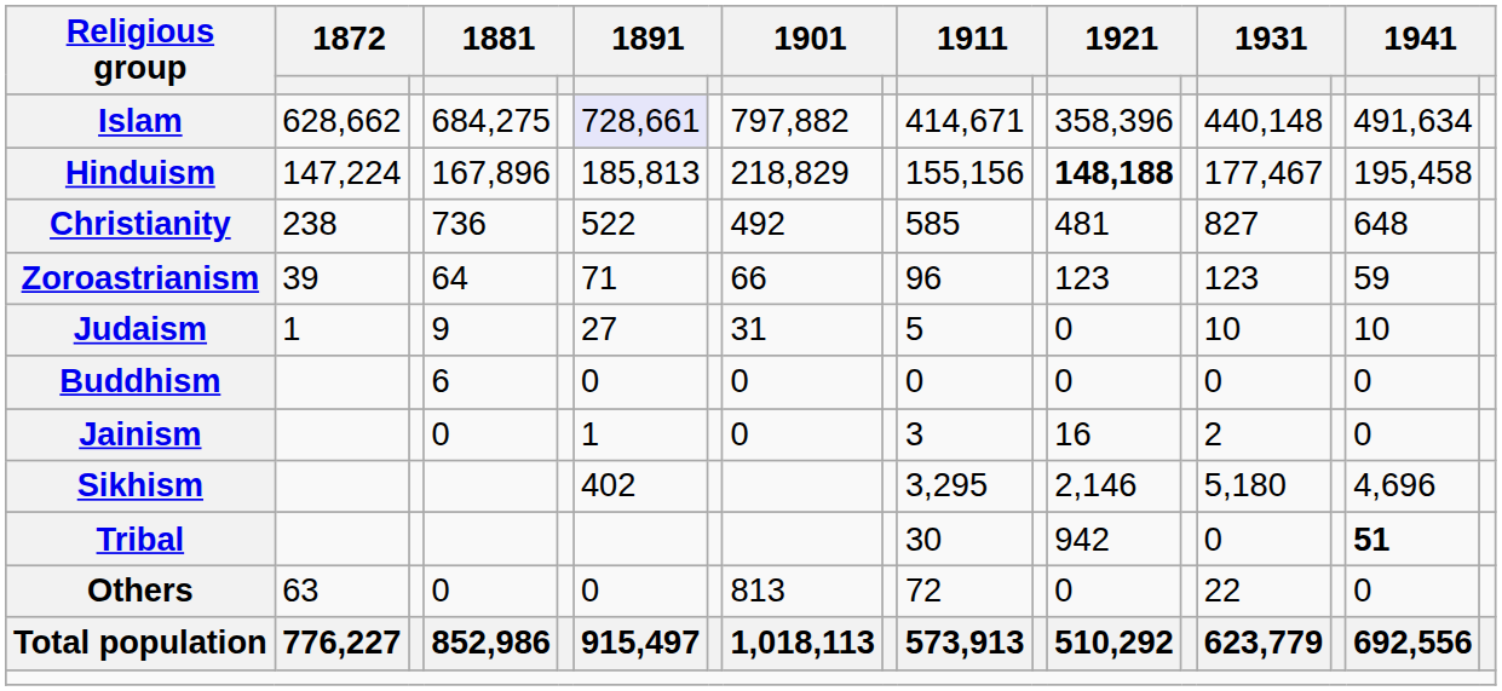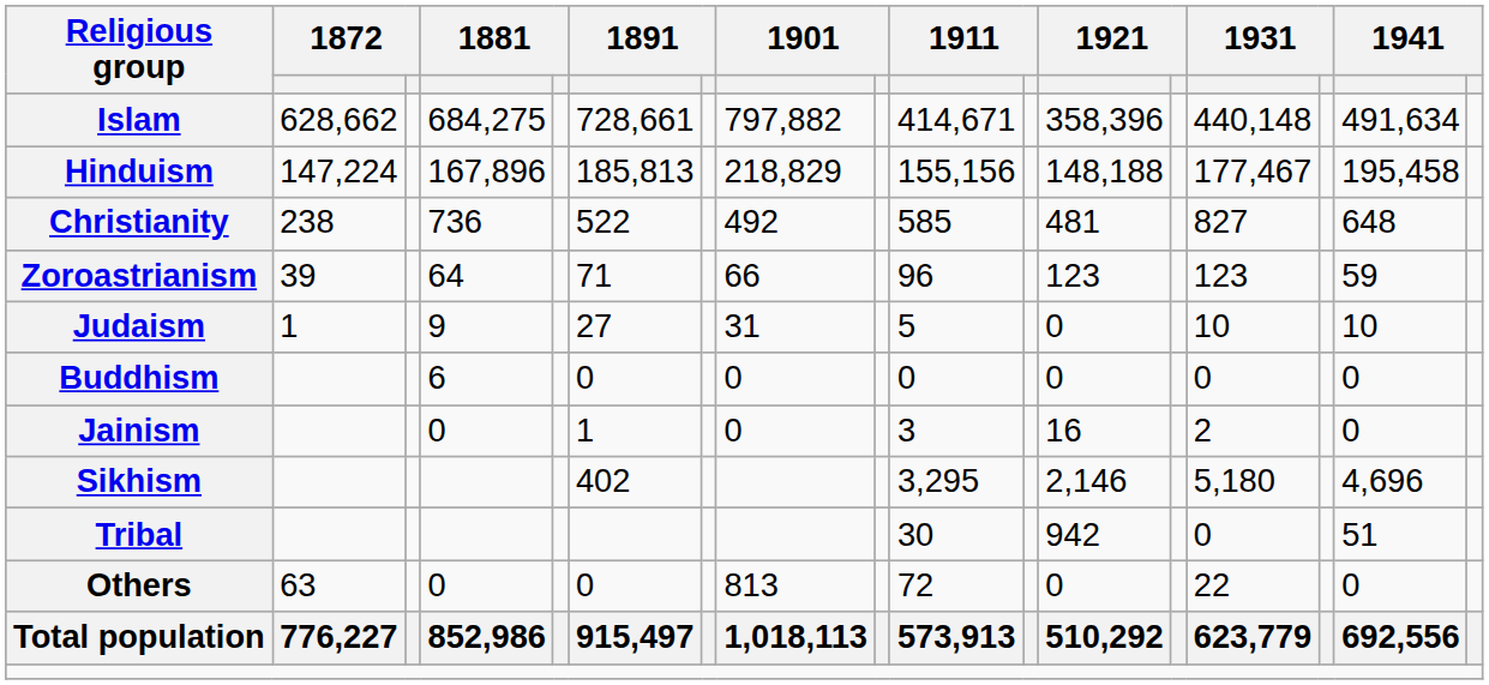 <table class="wikitable sortable">
 <tr>
 <th rowspan="2"><a href='#'>Religious</a><br>group</th>
 <th colspan="2">1872</th>
 <th colspan="2">1881</th>
 <th colspan="2">1891</th>
 <th colspan="2">1901</th>
 <th colspan="2">1911</th>
 <th colspan="2">1921</th>
 <th colspan="2">1931</th>
 <th colspan="2">1941</th>
 </tr>
 <tr>
 <th><a href='#'></a></th>
 <th></th>
 <th></th>
 <th></th>
 <th></th>
 <th></th>
 <th></th>
 <th></th>
 <th></th>
 <th></th>
 <th></th>
 <th></th>
 <th></th>
 <th></th>
 <th></th>
 <th></th>
 </tr>
 <tr>
 <th><a href='#'>Islam</a> </th>
 <td>628,662</td>
 <td></td>
 <td>684,275</td>
 <td></td>
-<td style="background: lavender;">728,661</td>
+<td>728,661</td>
 <td></td>
 <td>797,882</td>
 <td></td>
 <td>414,671</td>
 <td></td>
 <td>358,396</td>
 <td></td>
 <td>440,148</td>
 <td></td>
 <td>491,634</td>
 <td></td>
 </tr>
 <tr>
 <th><a href='#'>Hinduism</a> </th>
 <td>147,224</td>
 <td></td>
 <td>167,896</td>
 <td></td>
 <td>185,813</td>
 <td></td>
 <td>218,829</td>
 <td></td>
 <td>155,156</td>
 <td></td>
-<td><strong>148,188</strong></td>
+<td>148,188</td>
 <td></td>
 <td>177,467</td>
 <td></td>
 <td>195,458</td>
 <td></td>
 </tr>
 <tr>
 <th><a href='#'>Christianity</a> </th>
 <td>238</td>
 <td></td>
 <td>736</td>
 <td></td>
 <td>522</td>
 <td></td>
 <td>492</td>
 <td></td>
 <td>585</td>
 <td></td>
 <td>481</td>
 <td></td>
 <td>827</td>
 <td></td>
 <td>648</td>
 <td></td>
 </tr>
 <tr>
 <th><a href='#'>Zoroastrianism</a> </th>
 <td>39</td>
 <td></td>
 <td>64</td>
 <td></td>
 <td>71</td>
 <td></td>
 <td>66</td>
 <td></td>
 <td>96</td>
 <td></td>
 <td>123</td>
 <td></td>
 <td>123</td>
 <td></td>
 <td>59</td>
 <td></td>
 </tr>
 <tr>
 <th><a href='#'>Judaism</a> </th>
 <td>1</td>
 <td></td>
 <td>9</td>
 <td></td>
 <td>27</td>
 <td></td>
 <td>31</td>
 <td></td>
 <td>5</td>
 <td></td>
 <td>0</td>
 <td></td>
 <td>10</td>
 <td></td>
 <td>10</td>
 <td></td>
 </tr>
 <tr>
 <th><a href='#'>Buddhism</a> </th>
 <td></td>
 <td></td>
 <td>6</td>
 <td></td>
 <td>0</td>
 <td></td>
 <td>0</td>
 <td></td>
 <td>0</td>
 <td></td>
 <td>0</td>
 <td></td>
 <td>0</td>
 <td></td>
 <td>0</td>
 <td></td>
 </tr>
 <tr>
 <th><a href='#'>Jainism</a> </th>
 <td></td>
 <td></td>
 <td>0</td>
 <td></td>
 <td>1</td>
 <td></td>
 <td>0</td>
 <td></td>
 <td>3</td>
 <td></td>
 <td>16</td>
 <td></td>
 <td>2</td>
 <td></td>
 <td>0</td>
 <td></td>
 </tr>
 <tr>
 <th><a href='#'>Sikhism</a> </th>
 <td></td>
 <td></td>
 <td></td>
 <td></td>
 <td>402</td>
 <td></td>
 <td></td>
 <td></td>
 <td>3,295</td>
 <td></td>
 <td>2,146</td>
 <td></td>
 <td>5,180</td>
 <td></td>
 <td>4,696</td>
 <td></td>
 </tr>
 <tr>
 <th><a href='#'>Tribal</a></th>
 <td></td>
 <td></td>
 <td></td>
 <td></td>
 <td></td>
 <td></td>
 <td></td>
 <td></td>
 <td>30</td>
 <td></td>
 <td>942</td>
 <td></td>
 <td>0</td>
 <td></td>
-<td><strong>51</strong></td>
+<td>51</td>
 <td></td>
 </tr>
 <tr>
 <th>Others</th>
 <td>63</td>
 <td></td>
 <td>0</td>
 <td></td>
 <td>0</td>
 <td></td>
 <td>813</td>
 <td></td>
 <td>72</td>
 <td></td>
 <td>0</td>
 <td></td>
 <td>22</td>
 <td></td>
 <td>0</td>
 <td></td>
 </tr>
 <tr>
 <th>Total population</th>
 <th>776,227</th>
 <th></th>
 <th>852,986</th>
 <th></th>
 <th>915,497</th>
 <th></th>
 <th>1,018,113</th>
 <th></th>
 <th>573,913</th>
 <th></th>
 <th>510,292</th>
 <th></th>
 <th>623,779</th>
 <th></th>
 <th>692,556</th>
 <th></th>
 </tr>
 <tr class="sortbottom">
 <td colspan="20"></td>
 </tr>
 </table>
